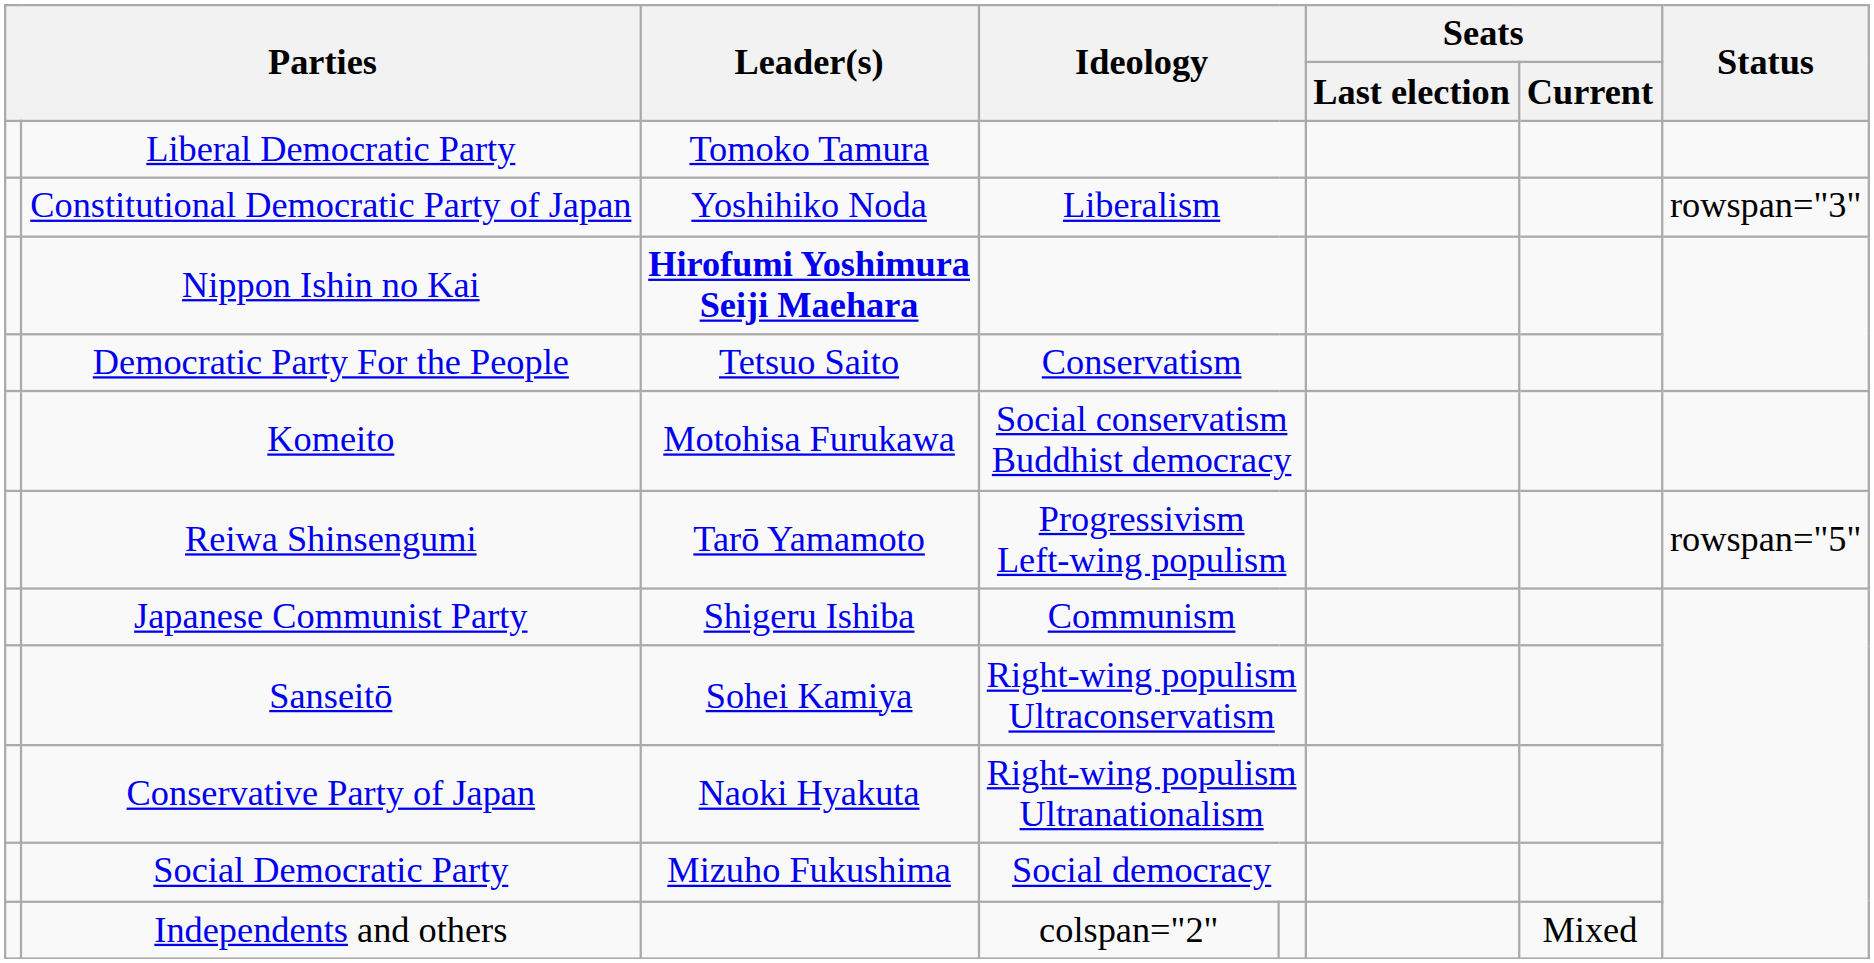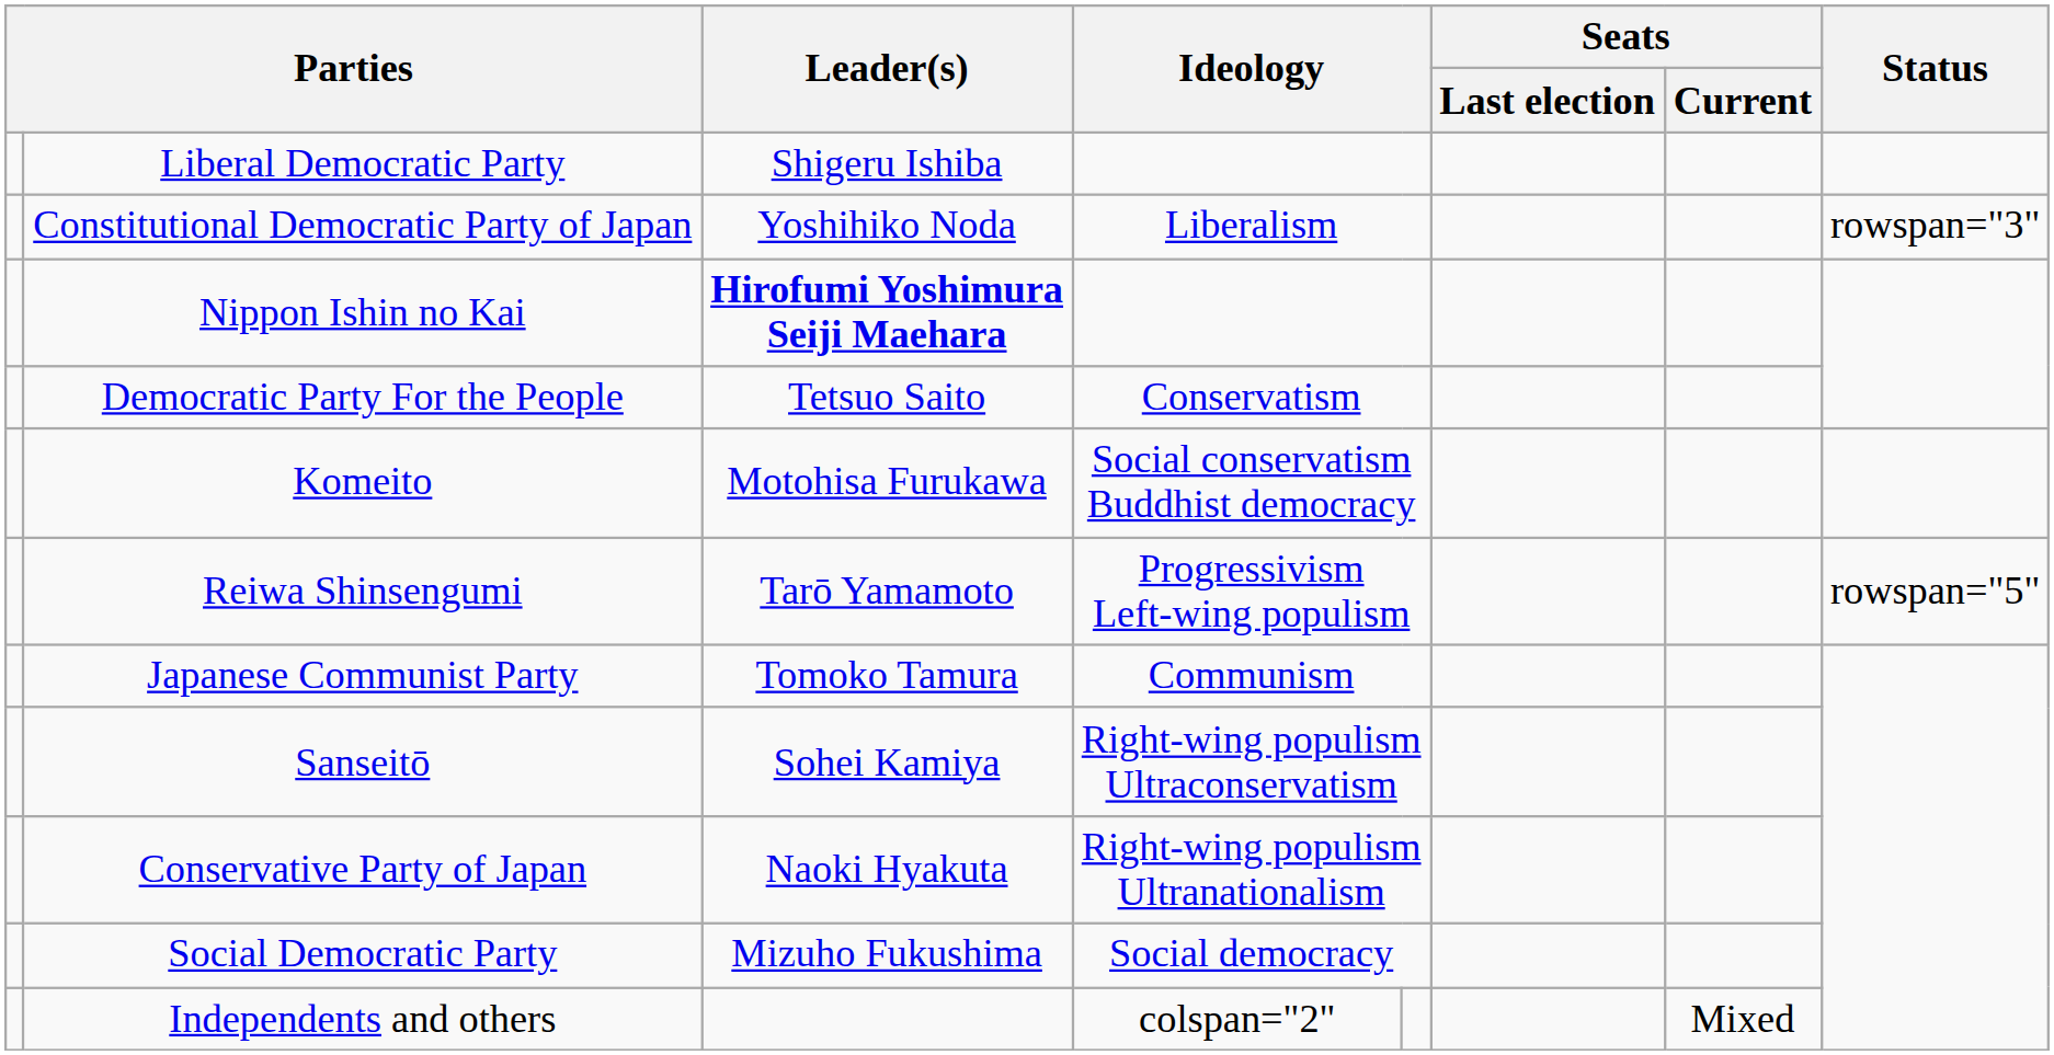 <table class="wikitable" style="text-align:center">
 <tr>
 <th colspan="2" rowspan="2">Parties</th>
 <th rowspan="2">Leader(s)</th>
 <th colspan="2" rowspan="2">Ideology</th>
 <th colspan="2">Seats</th>
 <th rowspan="2">Status</th>
 </tr>
 <tr>
 <th>Last election</th>
 <th>Current</th>
 </tr>
 <tr>
 <td style="background:"></td>
 <td><a href='#'>Liberal Democratic Party</a></td>
-<td><a href='#'>Tomoko Tamura</a></td>
+<td><a href='#'>Shigeru Ishiba</a></td>
 <td colspan="2"></td>
 <td></td>
 <td></td>
 <td></td>
 </tr>
 <tr>
 <td style="background:"></td>
 <td><a href='#'>Constitutional Democratic Party of Japan</a></td>
 <td><a href='#'>Yoshihiko Noda</a></td>
 <td colspan="2"><a href='#'>Liberalism</a></td>
 <td></td>
 <td></td>
 <td>rowspan="3" </td>
 </tr>
 <tr>
 <td style="background:"></td>
 <td><a href='#'>Nippon Ishin no Kai</a></td>
 <td><strong><a href='#'>Hirofumi Yoshimura</a><br><a href='#'>Seiji Maehara</a></strong></td>
 <td colspan="2"></td>
 <td></td>
 <td></td>
 </tr>
 <tr>
 <td style="background:"></td>
 <td><a href='#'>Democratic Party For the People</a></td>
 <td><a href='#'>Tetsuo Saito</a></td>
 <td colspan="2"><a href='#'>Conservatism</a></td>
 <td></td>
 <td></td>
 </tr>
 <tr>
 <td style="background:"></td>
 <td><a href='#'>Komeito</a></td>
 <td><a href='#'>Motohisa Furukawa</a></td>
 <td colspan="2"><a href='#'>Social conservatism</a> <br> <a href='#'>Buddhist democracy</a></td>
 <td></td>
 <td></td>
 <td></td>
 </tr>
 <tr>
 <td style="background:"></td>
 <td><a href='#'>Reiwa Shinsengumi</a></td>
 <td><a href='#'>Tarō Yamamoto</a></td>
 <td colspan="2"><a href='#'>Progressivism</a> <br> <a href='#'>Left-wing populism</a></td>
 <td></td>
 <td></td>
 <td>rowspan="5" </td>
 </tr>
 <tr>
 <td style="background:"></td>
 <td><a href='#'>Japanese Communist Party</a></td>
-<td><a href='#'>Shigeru Ishiba</a></td>
+<td><a href='#'>Tomoko Tamura</a></td>
 <td colspan="2"><a href='#'>Communism</a></td>
 <td></td>
 <td></td>
 </tr>
 <tr>
 <td style="background:"></td>
 <td><a href='#'>Sanseitō</a></td>
 <td><a href='#'>Sohei Kamiya</a></td>
 <td colspan="2"><a href='#'>Right-wing populism</a> <br> <a href='#'>Ultraconservatism</a></td>
 <td></td>
 <td></td>
 </tr>
 <tr>
 <td style="background:"></td>
 <td><a href='#'>Conservative Party of Japan</a></td>
 <td><a href='#'>Naoki Hyakuta</a></td>
 <td colspan="2"><a href='#'>Right-wing populism</a> <br> <a href='#'>Ultranationalism</a></td>
 <td></td>
 <td></td>
 </tr>
 <tr>
 <td style="background:"></td>
 <td><a href='#'>Social Democratic Party</a></td>
 <td><a href='#'>Mizuho Fukushima</a></td>
 <td colspan="2"><a href='#'>Social democracy</a></td>
 <td></td>
 <td></td>
 </tr>
 <tr>
 <td style="background:"></td>
 <td><a href='#'>Independents</a> and others</td>
 <td></td>
 <td>colspan="2" </td>
 <td></td>
 <td></td>
 <td>Mixed</td>
 </tr>
 </table>
